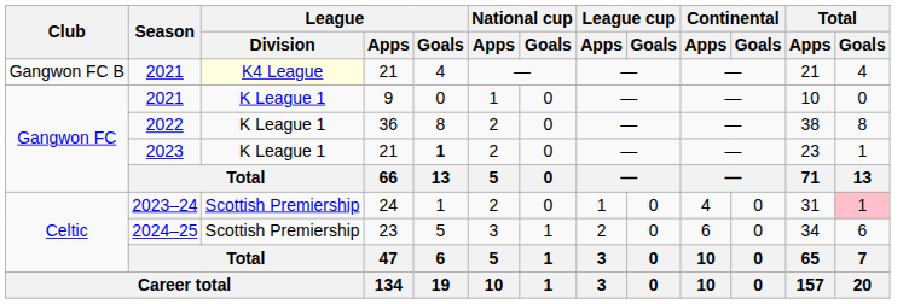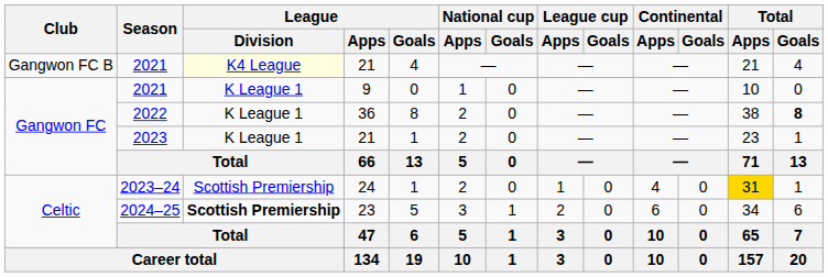 <table class="wikitable" style="text-align:center">
 <tr>
 <th rowspan="2">Club</th>
 <th rowspan="2">Season</th>
 <th colspan="3">League</th>
 <th colspan="2">National cup</th>
 <th colspan="2">League cup</th>
 <th colspan="2">Continental</th>
 <th colspan="2">Total</th>
 </tr>
 <tr>
 <th>Division</th>
 <th>Apps</th>
 <th>Goals</th>
 <th>Apps</th>
 <th>Goals</th>
 <th>Apps</th>
 <th>Goals</th>
 <th>Apps</th>
 <th>Goals</th>
 <th>Apps</th>
 <th>Goals</th>
 </tr>
 <tr>
 <td>Gangwon FC B</td>
 <td><a href='#'>2021</a></td>
 <td style="background: lightyellow;"><a href='#'>K4 League</a></td>
 <td>21</td>
 <td>4</td>
 <td colspan="2">—</td>
 <td colspan="2">—</td>
 <td colspan="2">—</td>
 <td>21</td>
 <td>4</td>
 </tr>
 <tr>
 <td rowspan="4"><a href='#'>Gangwon FC</a></td>
 <td><a href='#'>2021</a></td>
 <td><a href='#'>K League 1</a></td>
 <td>9</td>
 <td>0</td>
 <td>1</td>
 <td>0</td>
 <td colspan="2">—</td>
 <td colspan="2">—</td>
 <td>10</td>
 <td>0</td>
 </tr>
 <tr>
 <td><a href='#'>2022</a></td>
 <td>K League 1</td>
 <td>36</td>
 <td>8</td>
 <td>2</td>
 <td>0</td>
 <td colspan="2">—</td>
 <td colspan="2">—</td>
 <td>38</td>
-<td>8</td>
+<td><strong>8</strong></td>
 </tr>
 <tr>
 <td><a href='#'>2023</a></td>
 <td>K League 1</td>
 <td>21</td>
-<td><strong>1</strong></td>
+<td>1</td>
 <td>2</td>
 <td>0</td>
 <td colspan="2">—</td>
 <td colspan="2">—</td>
 <td>23</td>
 <td>1</td>
 </tr>
 <tr>
 <th colspan="2">Total</th>
 <th>66</th>
 <th>13</th>
 <th>5</th>
 <th>0</th>
 <th colspan="2">—</th>
 <th colspan="2">—</th>
 <th>71</th>
 <th>13</th>
 </tr>
 <tr>
 <td rowspan="3"><a href='#'>Celtic</a></td>
 <td><a href='#'>2023–24</a></td>
 <td><a href='#'>Scottish Premiership</a></td>
 <td>24</td>
 <td>1</td>
 <td>2</td>
 <td>0</td>
 <td>1</td>
 <td>0</td>
 <td>4</td>
 <td>0</td>
-<td>31</td>
-<td style="background: pink;">1</td>
+<td style="background: gold;">31</td>
+<td>1</td>
 </tr>
 <tr>
 <td><a href='#'>2024–25</a></td>
-<td>Scottish Premiership</td>
+<td><strong>Scottish Premiership</strong></td>
 <td>23</td>
 <td>5</td>
 <td>3</td>
 <td>1</td>
 <td>2</td>
 <td>0</td>
 <td>6</td>
 <td>0</td>
 <td>34</td>
 <td>6</td>
 </tr>
 <tr>
 <th colspan="2">Total</th>
 <th>47</th>
 <th>6</th>
 <th>5</th>
 <th>1</th>
 <th>3</th>
 <th>0</th>
 <th>10</th>
 <th>0</th>
 <th>65</th>
 <th>7</th>
 </tr>
 <tr>
 <th colspan="3">Career total</th>
 <th>134</th>
 <th>19</th>
 <th>10</th>
 <th>1</th>
 <th>3</th>
 <th>0</th>
 <th>10</th>
 <th>0</th>
 <th>157</th>
 <th>20</th>
 </tr>
 </table>
